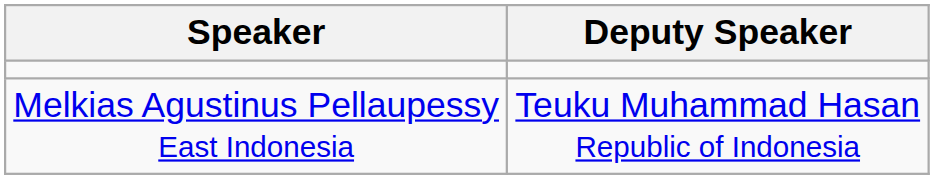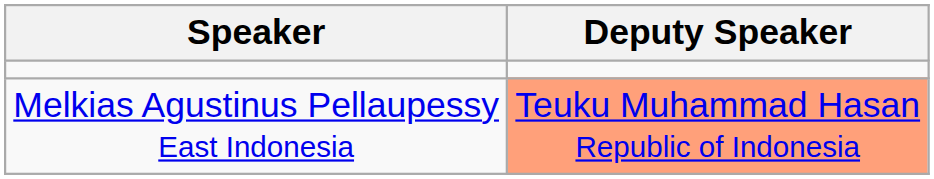 <table class="wikitable" style="text-align: center">
 <tr>
 <th>Speaker</th>
 <th>Deputy Speaker</th>
 </tr>
 <tr>
 <td></td>
 <td></td>
 </tr>
 <tr>
 <td><a href='#'>Melkias Agustinus Pellaupessy</a><br><small><a href='#'>East Indonesia</a></small></td>
-<td><a href='#'>Teuku Muhammad Hasan</a><br><small><a href='#'>Republic of Indonesia</a></small></td>
+<td style="background: lightsalmon;"><a href='#'>Teuku Muhammad Hasan</a><br><small><a href='#'>Republic of Indonesia</a></small></td>
 </tr>
 </table>
